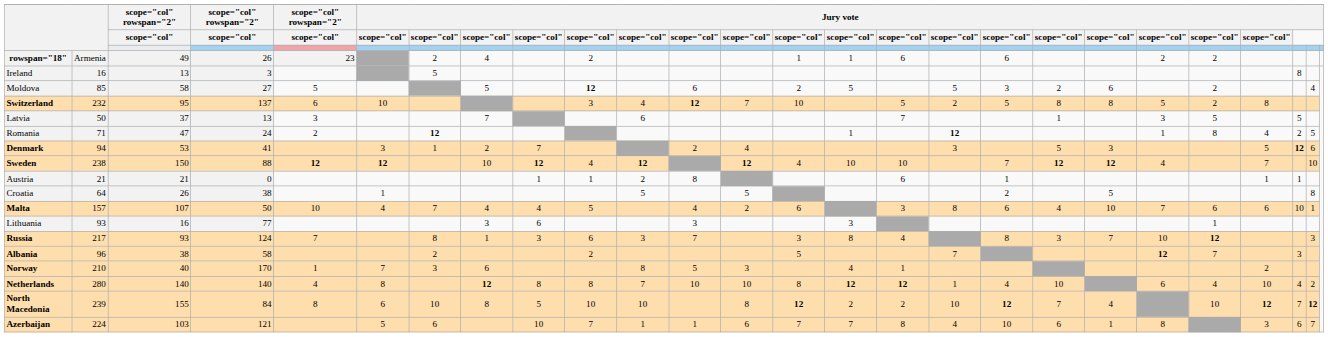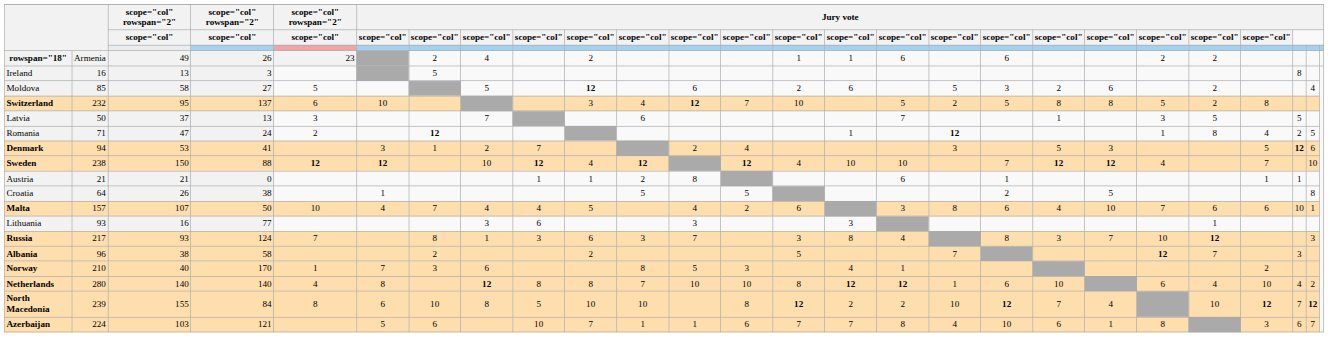 <table class="wikitable plainrowheaders" style="text-align:center; font-size:85%;">
 <tr>
 </tr>
 <tr>
 <td colspan="2" rowspan="3" style="background: #F2F2F2;"></td>
 <th>scope="col" rowspan="2" </th>
 <th>scope="col" rowspan="2" </th>
 <th>scope="col" rowspan="2" </th>
 <th scope="col" colspan="21">Jury vote</th>
 </tr>
 <tr>
 <th>scope="col" </th>
 <th>scope="col" </th>
 <th>scope="col" </th>
 <th>scope="col" </th>
 <th>scope="col" </th>
 <th>scope="col" </th>
 <th>scope="col" </th>
 <th>scope="col" </th>
 <th>scope="col" </th>
 <th>scope="col" </th>
 <th>scope="col" </th>
 <th>scope="col" </th>
 <th>scope="col" </th>
 <th>scope="col" </th>
 <th>scope="col" </th>
 <th>scope="col" </th>
 <th>scope="col" </th>
 <th>scope="col" </th>
 <th>scope="col" </th>
 <th>scope="col" </th>
 <th>scope="col" </th>
 </tr>
 <tr>
 <td style="height:2px; background:#eaecf0; border-top:1px solid transparent;"></td>
 <td style="background:#A4D1EF;"></td>
 <td style="background:#EFA4A9;"></td>
 <th style="background:#A4D1EF;"></th>
 <th style="background:#A4D1EF;"></th>
 <th style="background:#A4D1EF;"></th>
 <th style="background:#A4D1EF;"></th>
 <th style="background:#A4D1EF;"></th>
 <th style="background:#A4D1EF;"></th>
 <th style="background:#A4D1EF;"></th>
 <th style="background:#A4D1EF;"></th>
 <th style="background:#A4D1EF;"></th>
 <th style="background:#A4D1EF;"></th>
 <th style="background:#A4D1EF;"></th>
 <th style="background:#A4D1EF;"></th>
 <th style="background:#A4D1EF;"></th>
 <th style="background:#A4D1EF;"></th>
 <th style="background:#A4D1EF;"></th>
 <th style="background:#A4D1EF;"></th>
 <th style="background:#A4D1EF;"></th>
 <th style="background:#A4D1EF;"></th>
 <th style="background:#A4D1EF;"></th>
 <th style="background:#A4D1EF;"></th>
 <th style="background:#A4D1EF;"></th>
 </tr>
 <tr>
 <th>rowspan="18" </th>
 <td scope="row" style="text-align:left; background:#f2f2f2;">Armenia</td>
 <td style="text-align:right; background:#f2f2f2;">49</td>
 <td style="text-align:right; background:#f2f2f2;">26</td>
 <td style="text-align:right; background:#f2f2f2;">23</td>
 <td style="text-align:left; background:#aaa;"></td>
 <td>2</td>
 <td>4</td>
 <td></td>
 <td>2</td>
 <td></td>
 <td></td>
 <td></td>
 <td>1</td>
 <td>1</td>
 <td>6</td>
 <td></td>
 <td>6</td>
 <td></td>
 <td></td>
 <td>2</td>
 <td>2</td>
 <td></td>
 <td></td>
 <td></td>
 <td></td>
 </tr>
 <tr>
 <td scope="row" style="text-align:left; background:#f2f2f2;">Ireland</td>
 <td style="text-align:right; background:#f2f2f2;">16</td>
 <td style="text-align:right; background:#f2f2f2;">13</td>
 <td style="text-align:right; background:#f2f2f2;">3</td>
 <td></td>
 <td style="text-align:left; background:#aaa;"></td>
 <td>5</td>
 <td></td>
 <td></td>
 <td></td>
 <td></td>
 <td></td>
 <td></td>
 <td></td>
 <td></td>
 <td></td>
 <td></td>
 <td></td>
 <td></td>
 <td></td>
 <td></td>
 <td></td>
 <td></td>
 <td>8</td>
 <td></td>
 </tr>
 <tr>
 <td scope="row" style="text-align:left; background:#f2f2f2;">Moldova</td>
 <td style="text-align:right; background:#f2f2f2;">85</td>
 <td style="text-align:right; background:#f2f2f2;">58</td>
 <td style="text-align:right; background:#f2f2f2;">27</td>
 <td>5</td>
 <td></td>
 <td style="text-align:left; background:#aaa;"></td>
 <td>5</td>
 <td></td>
 <td><strong>12</strong></td>
 <td></td>
 <td>6</td>
 <td></td>
 <td>2</td>
-<td>5</td>
+<td>6</td>
 <td></td>
 <td>5</td>
 <td>3</td>
 <td>2</td>
 <td>6</td>
 <td></td>
 <td>2</td>
 <td></td>
 <td></td>
 <td>4</td>
 </tr>
 <tr style="background:#ffdead;">
 <td scope="row" style="text-align:left; font-weight:bold; background:#ffdead;">Switzerland</td>
 <td style="text-align:right;">232</td>
 <td style="text-align:right;">95</td>
 <td style="text-align:right;">137</td>
 <td>6</td>
 <td>10</td>
 <td></td>
 <td style="text-align:left; background:#aaa;"></td>
 <td></td>
 <td>3</td>
 <td>4</td>
 <td><strong>12</strong></td>
 <td>7</td>
 <td>10</td>
 <td></td>
 <td>5</td>
 <td>2</td>
 <td>5</td>
 <td>8</td>
 <td>8</td>
 <td>5</td>
 <td>2</td>
 <td>8</td>
 <td></td>
 <td></td>
 </tr>
 <tr>
 <td scope="row" style="text-align:left; background:#f2f2f2;">Latvia</td>
 <td style="text-align:right; background:#f2f2f2;">50</td>
 <td style="text-align:right; background:#f2f2f2;">37</td>
 <td style="text-align:right; background:#f2f2f2;">13</td>
 <td>3</td>
 <td></td>
 <td></td>
 <td>7</td>
 <td style="text-align:left; background:#aaa;"></td>
 <td></td>
 <td>6</td>
 <td></td>
 <td></td>
 <td></td>
 <td></td>
 <td>7</td>
 <td></td>
 <td></td>
 <td>1</td>
 <td></td>
 <td>3</td>
 <td>5</td>
 <td></td>
 <td>5</td>
 <td></td>
 </tr>
 <tr>
 <td scope="row" style="text-align:left; background:#f2f2f2;">Romania</td>
 <td style="text-align:right; background:#f2f2f2;">71</td>
 <td style="text-align:right; background:#f2f2f2;">47</td>
 <td style="text-align:right; background:#f2f2f2;">24</td>
 <td>2</td>
 <td></td>
 <td><strong>12</strong></td>
 <td></td>
 <td></td>
 <td style="text-align:left; background:#aaa;"></td>
 <td></td>
 <td></td>
 <td></td>
 <td></td>
 <td>1</td>
 <td></td>
 <td><strong>12</strong></td>
 <td></td>
 <td></td>
 <td></td>
 <td>1</td>
 <td>8</td>
 <td>4</td>
 <td>2</td>
 <td>5</td>
 </tr>
 <tr style="background:#ffdead;">
 <td scope="row" style="text-align:left; font-weight:bold; background:#ffdead;">Denmark</td>
 <td style="text-align:right;">94</td>
 <td style="text-align:right;">53</td>
 <td style="text-align:right;">41</td>
 <td></td>
 <td>3</td>
 <td>1</td>
 <td>2</td>
 <td>7</td>
 <td></td>
 <td style="text-align:left; background:#aaa;"></td>
 <td>2</td>
 <td>4</td>
 <td></td>
 <td></td>
 <td></td>
 <td>3</td>
 <td></td>
 <td>5</td>
 <td>3</td>
 <td></td>
 <td></td>
 <td>5</td>
 <td><strong>12</strong></td>
 <td>6</td>
 </tr>
 <tr style="background:#ffdead;">
 <td scope="row" style="text-align:left; font-weight:bold; background:#ffdead;">Sweden</td>
 <td style="text-align:right;">238</td>
 <td style="text-align:right;">150</td>
 <td style="text-align:right;">88</td>
 <td><strong>12</strong></td>
 <td><strong>12</strong></td>
 <td></td>
 <td>10</td>
 <td><strong>12</strong></td>
 <td>4</td>
 <td><strong>12</strong></td>
 <td style="text-align:left; background:#aaa;"></td>
 <td><strong>12</strong></td>
 <td>4</td>
 <td>10</td>
 <td>10</td>
 <td></td>
 <td>7</td>
 <td><strong>12</strong></td>
 <td><strong>12</strong></td>
 <td>4</td>
 <td></td>
 <td>7</td>
 <td></td>
 <td>10</td>
 </tr>
 <tr>
 <td scope="row" style="text-align:left; background:#f2f2f2;">Austria</td>
 <td style="text-align:right; background:#f2f2f2;">21</td>
 <td style="text-align:right; background:#f2f2f2;">21</td>
 <td style="text-align:right; background:#f2f2f2;">0</td>
 <td></td>
 <td></td>
 <td></td>
 <td></td>
 <td>1</td>
 <td>1</td>
 <td>2</td>
 <td>8</td>
 <td style="text-align:left; background:#aaa;"></td>
 <td></td>
 <td></td>
 <td>6</td>
 <td></td>
 <td>1</td>
 <td></td>
 <td></td>
 <td></td>
 <td></td>
 <td>1</td>
 <td>1</td>
 <td></td>
 </tr>
 <tr>
 <td scope="row" style="text-align:left; background:#f2f2f2;">Croatia</td>
 <td style="text-align:right; background:#f2f2f2;">64</td>
 <td style="text-align:right; background:#f2f2f2;">26</td>
 <td style="text-align:right; background:#f2f2f2;">38</td>
 <td></td>
 <td>1</td>
 <td></td>
 <td></td>
 <td></td>
 <td></td>
 <td>5</td>
 <td></td>
 <td>5</td>
 <td style="text-align:left; background:#aaa;"></td>
 <td></td>
 <td></td>
 <td></td>
 <td>2</td>
 <td></td>
 <td>5</td>
 <td></td>
 <td></td>
 <td></td>
 <td></td>
 <td>8</td>
 </tr>
 <tr style="background:#ffdead;">
 <td scope="row" style="text-align:left; font-weight:bold; background:#ffdead;">Malta</td>
 <td style="text-align:right;">157</td>
 <td style="text-align:right;">107</td>
 <td style="text-align:right;">50</td>
 <td>10</td>
 <td>4</td>
 <td>7</td>
 <td>4</td>
 <td>4</td>
 <td>5</td>
 <td></td>
 <td>4</td>
 <td>2</td>
 <td>6</td>
 <td style="text-align:left; background:#aaa;"></td>
 <td>3</td>
 <td>8</td>
 <td>6</td>
 <td>4</td>
 <td>10</td>
 <td>7</td>
 <td>6</td>
 <td>6</td>
 <td>10</td>
 <td>1</td>
 </tr>
 <tr>
 <td scope="row" style="text-align:left; background:#f2f2f2;">Lithuania</td>
 <td style="text-align:right; background:#f2f2f2;">93</td>
 <td style="text-align:right; background:#f2f2f2;">16</td>
 <td style="text-align:right; background:#f2f2f2;">77</td>
 <td></td>
 <td></td>
 <td></td>
 <td>3</td>
 <td>6</td>
 <td></td>
 <td></td>
 <td>3</td>
 <td></td>
 <td></td>
 <td>3</td>
 <td style="text-align:left; background:#aaa;"></td>
 <td></td>
 <td></td>
 <td></td>
 <td></td>
 <td></td>
 <td>1</td>
 <td></td>
 <td></td>
 <td></td>
 </tr>
 <tr style="background:#ffdead;">
 <td scope="row" style="text-align:left; font-weight:bold; background:#ffdead;">Russia</td>
 <td style="text-align:right;">217</td>
 <td style="text-align:right;">93</td>
 <td style="text-align:right;">124</td>
 <td>7</td>
 <td></td>
 <td>8</td>
 <td>1</td>
 <td>3</td>
 <td>6</td>
 <td>3</td>
 <td>7</td>
 <td></td>
 <td>3</td>
 <td>8</td>
 <td>4</td>
 <td style="text-align:left; background:#aaa;"></td>
 <td>8</td>
 <td>3</td>
 <td>7</td>
 <td>10</td>
 <td><strong>12</strong></td>
 <td></td>
 <td></td>
 <td>3</td>
 </tr>
 <tr style="background:#ffdead;">
 <td scope="row" style="text-align:left; font-weight:bold; background:#ffdead;">Albania</td>
 <td style="text-align:right;">96</td>
 <td style="text-align:right;">38</td>
 <td style="text-align:right;">58</td>
 <td></td>
 <td></td>
 <td>2</td>
 <td></td>
 <td></td>
 <td>2</td>
 <td></td>
 <td></td>
 <td></td>
 <td>5</td>
 <td></td>
 <td></td>
 <td>7</td>
 <td style="text-align:left; background:#aaa;"></td>
 <td></td>
 <td></td>
 <td><strong>12</strong></td>
 <td>7</td>
 <td></td>
 <td>3</td>
 <td></td>
 </tr>
 <tr style="background:#ffdead;">
 <td scope="row" style="text-align:left; font-weight:bold; background:#ffdead;">Norway</td>
 <td style="text-align:right;">210</td>
 <td style="text-align:right;">40</td>
 <td style="text-align:right;">170</td>
 <td>1</td>
 <td>7</td>
 <td>3</td>
 <td>6</td>
 <td></td>
 <td></td>
 <td>8</td>
 <td>5</td>
 <td>3</td>
 <td></td>
 <td>4</td>
 <td>1</td>
 <td></td>
 <td></td>
 <td style="text-align:left; background:#aaa;"></td>
 <td></td>
 <td></td>
 <td></td>
 <td>2</td>
 <td></td>
 <td></td>
 </tr>
 <tr style="background:#ffdead;">
 <td scope="row" style="text-align:left; font-weight:bold; background:#ffdead;">Netherlands</td>
 <td style="text-align:right;">280</td>
 <td style="text-align:right;">140</td>
 <td style="text-align:right;">140</td>
 <td>4</td>
 <td>8</td>
 <td></td>
 <td><strong>12</strong></td>
 <td>8</td>
 <td>8</td>
 <td>7</td>
 <td>10</td>
 <td>10</td>
 <td>8</td>
 <td><strong>12</strong></td>
 <td><strong>12</strong></td>
 <td>1</td>
-<td>4</td>
+<td>6</td>
 <td>10</td>
 <td style="text-align:left; background:#aaa;"></td>
 <td>6</td>
 <td>4</td>
 <td>10</td>
 <td>4</td>
 <td>2</td>
 </tr>
 <tr style="background:#ffdead;">
 <td scope="row" style="text-align:left; font-weight:bold; background:#ffdead;">North Macedonia</td>
 <td style="text-align:right;">239</td>
 <td style="text-align:right;">155</td>
 <td style="text-align:right;">84</td>
 <td>8</td>
 <td>6</td>
 <td>10</td>
 <td>8</td>
 <td>5</td>
 <td>10</td>
 <td>10</td>
 <td></td>
 <td>8</td>
 <td><strong>12</strong></td>
 <td>2</td>
 <td>2</td>
 <td>10</td>
 <td><strong>12</strong></td>
 <td>7</td>
 <td>4</td>
 <td style="text-align:left; background:#aaa;"></td>
 <td>10</td>
 <td><strong>12</strong></td>
 <td>7</td>
 <td><strong>12</strong></td>
 </tr>
 <tr style="background:#ffdead;">
 <td scope="row" style="text-align:left; font-weight:bold; background:#ffdead;">Azerbaijan</td>
 <td style="text-align:right;">224</td>
 <td style="text-align:right;">103</td>
 <td style="text-align:right;">121</td>
 <td></td>
 <td>5</td>
 <td>6</td>
 <td></td>
 <td>10</td>
 <td>7</td>
 <td>1</td>
 <td>1</td>
 <td>6</td>
 <td>7</td>
 <td>7</td>
 <td>8</td>
 <td>4</td>
 <td>10</td>
 <td>6</td>
 <td>1</td>
 <td>8</td>
 <td style="text-align:left; background:#aaa;"></td>
 <td>3</td>
 <td>6</td>
 <td>7</td>
 </tr>
 </table>
